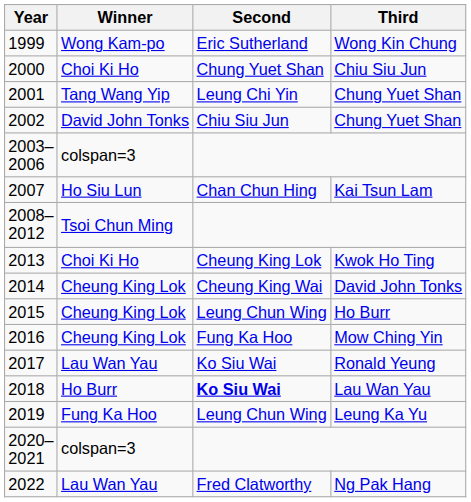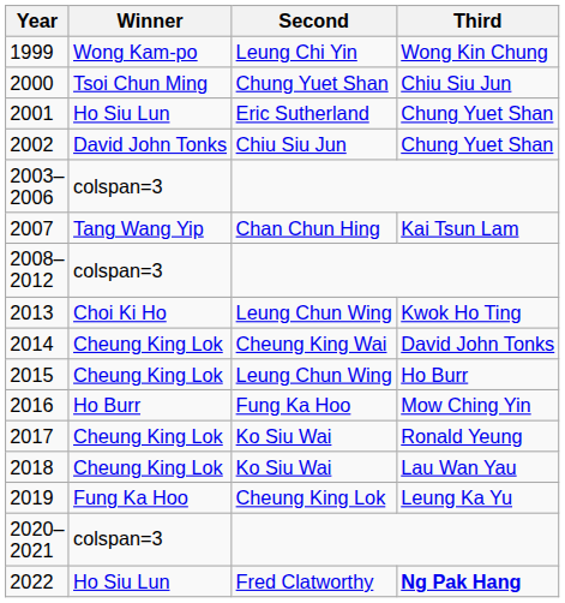 <table class="wikitable" style="font-size:95%">
 <tr>
 <th>Year</th>
 <th>Winner</th>
 <th>Second</th>
 <th>Third</th>
 </tr>
 <tr>
 <td>1999</td>
 <td><a href='#'>Wong Kam-po</a></td>
-<td><a href='#'>Eric Sutherland</a></td>
+<td><a href='#'>Leung Chi Yin</a></td>
 <td><a href='#'>Wong Kin Chung</a></td>
 </tr>
 <tr>
 <td>2000</td>
-<td><a href='#'>Choi Ki Ho</a></td>
+<td><a href='#'>Tsoi Chun Ming</a></td>
 <td><a href='#'>Chung Yuet Shan</a></td>
 <td><a href='#'>Chiu Siu Jun</a></td>
 </tr>
 <tr>
 <td>2001</td>
-<td><a href='#'>Tang Wang Yip</a></td>
-<td><a href='#'>Leung Chi Yin</a></td>
+<td><a href='#'>Ho Siu Lun</a></td>
+<td><a href='#'>Eric Sutherland</a></td>
 <td><a href='#'>Chung Yuet Shan</a></td>
 </tr>
 <tr>
 <td>2002</td>
 <td><a href='#'>David John Tonks</a></td>
 <td><a href='#'>Chiu Siu Jun</a></td>
 <td><a href='#'>Chung Yuet Shan</a></td>
 </tr>
 <tr>
 <td>2003–<br>2006</td>
 <td>colspan=3 </td>
 </tr>
 <tr>
 <td>2007</td>
-<td><a href='#'>Ho Siu Lun</a></td>
+<td><a href='#'>Tang Wang Yip</a></td>
 <td><a href='#'>Chan Chun Hing </a></td>
 <td><a href='#'>Kai Tsun Lam</a></td>
 </tr>
 <tr>
 <td>2008–<br>2012</td>
-<td><a href='#'>Tsoi Chun Ming</a></td>
+<td>colspan=3 </td>
 </tr>
 <tr>
 <td>2013</td>
 <td><a href='#'>Choi Ki Ho</a></td>
-<td><a href='#'>Cheung King Lok</a></td>
+<td><a href='#'>Leung Chun Wing</a></td>
 <td><a href='#'>Kwok Ho Ting</a></td>
 </tr>
 <tr>
 <td>2014</td>
 <td><a href='#'>Cheung King Lok</a></td>
 <td><a href='#'>Cheung King Wai</a></td>
 <td><a href='#'>David John Tonks</a></td>
 </tr>
 <tr>
 <td>2015</td>
 <td><a href='#'>Cheung King Lok</a></td>
 <td><a href='#'>Leung Chun Wing</a></td>
 <td><a href='#'>Ho Burr</a></td>
 </tr>
 <tr>
 <td>2016</td>
-<td><a href='#'>Cheung King Lok</a></td>
+<td><a href='#'>Ho Burr</a></td>
 <td><a href='#'>Fung Ka Hoo</a></td>
 <td><a href='#'>Mow Ching Yin</a></td>
 </tr>
 <tr>
 <td>2017</td>
-<td><a href='#'>Lau Wan Yau</a></td>
+<td><a href='#'>Cheung King Lok</a></td>
 <td><a href='#'>Ko Siu Wai</a></td>
 <td><a href='#'>Ronald Yeung</a></td>
 </tr>
 <tr>
 <td>2018</td>
-<td><a href='#'>Ho Burr</a></td>
-<td><strong><a href='#'>Ko Siu Wai</a></strong></td>
+<td><a href='#'>Cheung King Lok</a></td>
+<td><a href='#'>Ko Siu Wai</a></td>
 <td><a href='#'>Lau Wan Yau</a></td>
 </tr>
 <tr>
 <td>2019</td>
 <td><a href='#'>Fung Ka Hoo</a></td>
-<td><a href='#'>Leung Chun Wing</a></td>
+<td><a href='#'>Cheung King Lok</a></td>
 <td><a href='#'>Leung Ka Yu</a></td>
 </tr>
 <tr>
 <td>2020–<br>2021</td>
 <td>colspan=3 </td>
 </tr>
 <tr>
 <td>2022</td>
-<td><a href='#'>Lau Wan Yau</a></td>
+<td><a href='#'>Ho Siu Lun</a></td>
 <td><a href='#'>Fred Clatworthy</a></td>
-<td><a href='#'>Ng Pak Hang</a></td>
+<td><strong><a href='#'>Ng Pak Hang</a></strong></td>
 </tr>
 </table>
